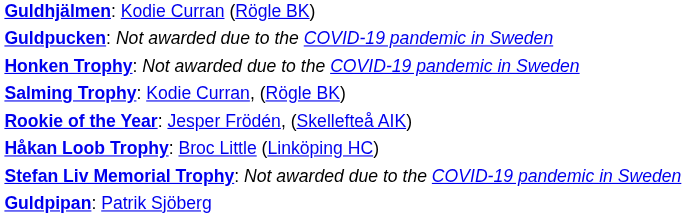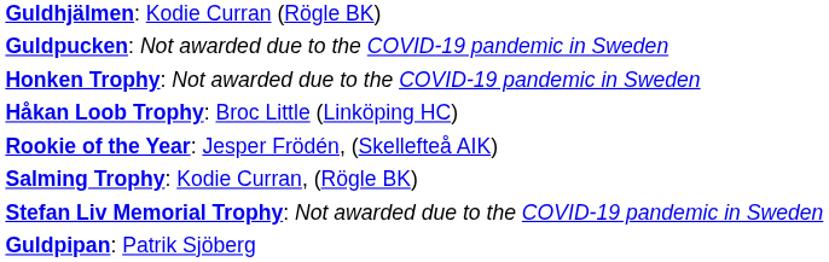 <table cellpadding="3" cellspacing="1">
 <tr>
 <td><strong><a href='#'>Guldhjälmen</a></strong>: <a href='#'>Kodie Curran</a> (<a href='#'>Rögle BK</a>)</td>
 </tr>
 <tr>
 <td><strong><a href='#'>Guldpucken</a></strong>: <em>Not awarded due to the <a href='#'>COVID-19 pandemic in Sweden</a></em></td>
 </tr>
 <tr>
 <td><strong><a href='#'>Honken Trophy</a></strong>: <em>Not awarded due to the <a href='#'>COVID-19 pandemic in Sweden</a></em></td>
 </tr>
 <tr>
-<td><strong><a href='#'>Salming Trophy</a></strong>: <a href='#'>Kodie Curran</a>, (<a href='#'>Rögle BK</a>)</td>
+<td><strong><a href='#'>Håkan Loob Trophy</a></strong>: <a href='#'>Broc Little</a> (<a href='#'>Linköping HC</a>)</td>
 </tr>
 <tr>
 <td><strong><a href='#'>Rookie of the Year</a></strong>: <a href='#'>Jesper Frödén</a>, (<a href='#'>Skellefteå AIK</a>)</td>
 </tr>
 <tr>
-<td><strong><a href='#'>Håkan Loob Trophy</a></strong>: <a href='#'>Broc Little</a> (<a href='#'>Linköping HC</a>)</td>
+<td><strong><a href='#'>Salming Trophy</a></strong>: <a href='#'>Kodie Curran</a>, (<a href='#'>Rögle BK</a>)</td>
 </tr>
 <tr>
 <td><strong><a href='#'>Stefan Liv Memorial Trophy</a></strong>: <em>Not awarded due to the <a href='#'>COVID-19 pandemic in Sweden</a></em></td>
 </tr>
 <tr>
 <td><strong><a href='#'>Guldpipan</a></strong>: <a href='#'>Patrik Sjöberg</a></td>
 </tr>
 </table>
